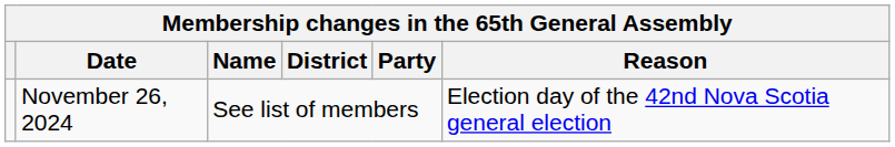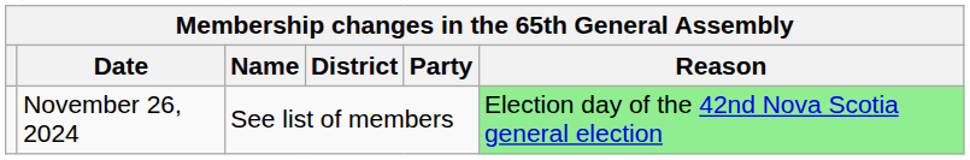 <table class="wikitable">
 <tr>
 <th colspan=10>Membership changes in the 65th General Assembly</th>
 </tr>
 <tr>
 <th></th>
 <th>Date</th>
 <th>Name</th>
 <th>District</th>
 <th>Party</th>
 <th>Reason</th>
 </tr>
 <tr>
 <td></td>
 <td>November 26, 2024</td>
 <td colspan=3>See list of members</td>
-<td>Election day of the <a href='#'>42nd Nova Scotia general election</a></td>
+<td style="background: lightgreen;">Election day of the <a href='#'>42nd Nova Scotia general election</a></td>
 </tr>
 </table>
